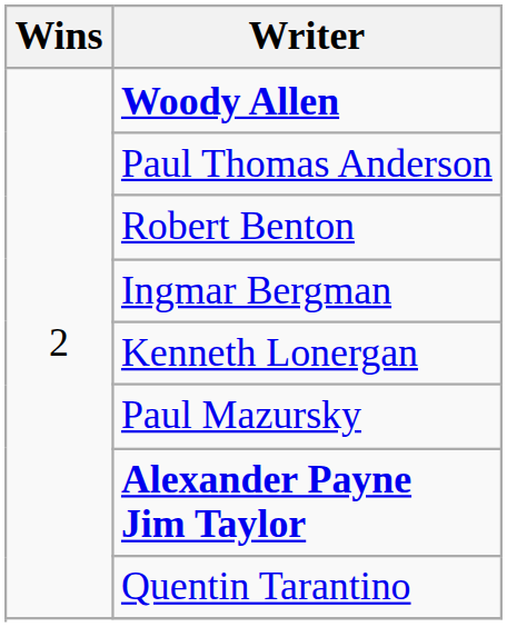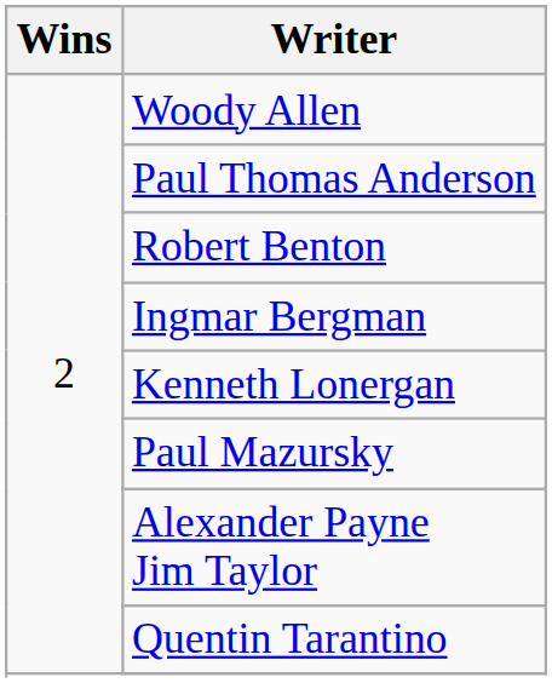 <table class="wikitable sortable">
 <tr>
 <th>Wins</th>
 <th>Writer</th>
 </tr>
 <tr>
 <td rowspan="11" style="text-align:center">2</td>
-<td><strong> <a href='#'>Woody Allen</a></strong></td>
+<td> <a href='#'>Woody Allen</a></td>
 </tr>
 <tr>
 <td> <a href='#'>Paul Thomas Anderson</a></td>
 </tr>
 <tr>
 <td> <a href='#'>Robert Benton</a></td>
 </tr>
 <tr>
 <td> <a href='#'>Ingmar Bergman</a></td>
 </tr>
 <tr>
 <td> <a href='#'>Kenneth Lonergan</a></td>
 </tr>
 <tr>
 <td> <a href='#'>Paul Mazursky</a></td>
 </tr>
 <tr>
-<td><strong> <a href='#'>Alexander Payne</a><br> <a href='#'>Jim Taylor</a></strong></td>
+<td> <a href='#'>Alexander Payne</a><br> <a href='#'>Jim Taylor</a></td>
 </tr>
 <tr>
 <td> <a href='#'>Quentin Tarantino</a></td>
 </tr>
 <tr>
 </tr>
 </table>
